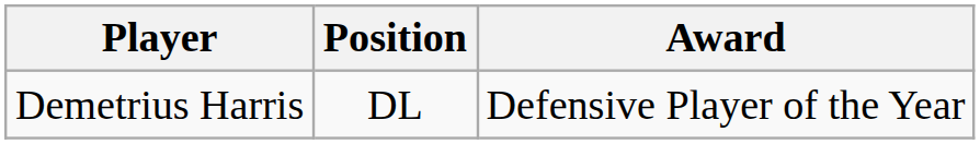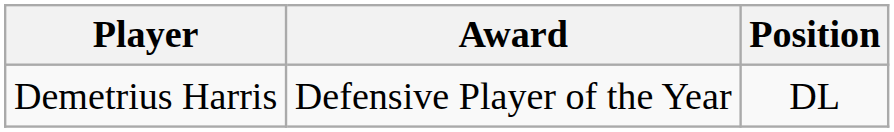 <table class="wikitable" style="text-align:center">
 <tr>
 <th>Player</th>
+<th>Award</th>
 <th>Position</th>
-<th>Award</th>
 </tr>
 <tr>
 <td>Demetrius Harris</td>
+<td>Defensive Player of the Year</td>
 <td>DL</td>
-<td>Defensive Player of the Year</td>
 </tr>
 </table>
